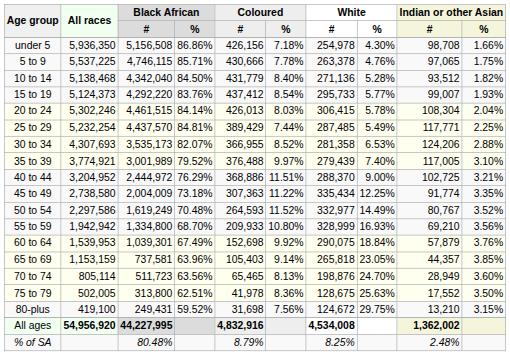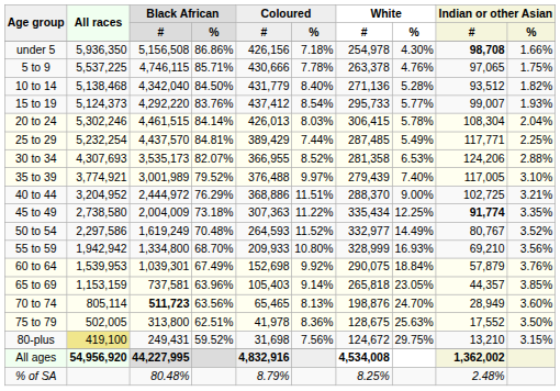 <table class="wikitable" style="text-align:right">
 <tr style="text-align:center;">
 <th rowspan=2 style="background:#f0f0f0;">Age group</th>
 <th rowspan=2 style="background:honeydew;">All races</th>
 <th colspan=2 style="background:gainsboro;">Black African</th>
 <th colspan=2 style="background:#eee;">Coloured</th>
 <th colspan=2 style="background:white;">White</th>
 <th colspan=2 style="background:beige;">Indian or other Asian</th>
 </tr>
 <tr>
 <th style="background:gainsboro;">#</th>
 <th style="background:gainsboro;">%</th>
 <th style="background:#eee;">#</th>
 <th style="background:#eee;">%</th>
 <th style="background:white;">#</th>
 <th style="background:white;">%</th>
 <th style="background:beige;">#</th>
 <th style="background:beige;">%</th>
 </tr>
 <tr>
 </tr>
 <tr>
 <td style="text-align:center">under 5</td>
 <td>5,936,350</td>
 <td>5,156,508</td>
 <td>86.86%</td>
 <td>426,156</td>
 <td>7.18%</td>
 <td>254,978</td>
 <td>4.30%</td>
-<td>98,708</td>
+<td><strong>98,708</strong></td>
 <td>1.66%</td>
 </tr>
 <tr>
 <td style="text-align:center">5 to 9</td>
 <td>5,537,225</td>
 <td>4,746,115</td>
 <td>85.71%</td>
 <td>430,666</td>
 <td>7.78%</td>
 <td>263,378</td>
 <td>4.76%</td>
 <td>97,065</td>
 <td>1.75%</td>
 </tr>
 <tr>
 <td style="text-align:center">10 to 14</td>
 <td>5,138,468</td>
 <td>4,342,040</td>
 <td>84.50%</td>
 <td>431,779</td>
 <td>8.40%</td>
 <td>271,136</td>
 <td>5.28%</td>
 <td>93,512</td>
 <td>1.82%</td>
 </tr>
 <tr>
 <td style="text-align:center">15 to 19</td>
 <td>5,124,373</td>
 <td>4,292,220</td>
 <td>83.76%</td>
 <td>437,412</td>
 <td>8.54%</td>
 <td>295,733</td>
 <td>5.77%</td>
 <td>99,007</td>
 <td>1.93%</td>
 </tr>
 <tr style="background:ivory">
 <td style="text-align:center">20 to 24</td>
 <td>5,302,246</td>
 <td>4,461,515</td>
 <td>84.14%</td>
 <td>426,013</td>
 <td>8.03%</td>
 <td>306,415</td>
 <td>5.78%</td>
 <td>108,304</td>
 <td>2.04%</td>
 </tr>
 <tr style="background:ivory">
 <td style="text-align:center">25 to 29</td>
 <td>5,232,254</td>
 <td>4,437,570</td>
 <td>84.81%</td>
 <td>389,429</td>
 <td>7.44%</td>
 <td>287,485</td>
 <td>5.49%</td>
 <td>117,771</td>
 <td>2.25%</td>
 </tr>
 <tr style="background:ivory">
 <td style="text-align:center">30 to 34</td>
 <td>4,307,693</td>
 <td>3,535,173</td>
 <td>82.07%</td>
 <td>366,955</td>
 <td>8.52%</td>
 <td>281,358</td>
 <td>6.53%</td>
 <td>124,206</td>
 <td>2.88%</td>
 </tr>
 <tr style="background:ivory">
 <td style="text-align:center">35 to 39</td>
 <td>3,774,921</td>
 <td>3,001,989</td>
 <td>79.52%</td>
 <td>376,488</td>
 <td>9.97%</td>
 <td>279,439</td>
 <td>7.40%</td>
 <td>117,005</td>
 <td>3.10%</td>
 </tr>
 <tr>
 <td style="text-align:center">40 to 44</td>
 <td>3,204,952</td>
 <td>2,444,972</td>
 <td>76.29%</td>
 <td>368,886</td>
 <td>11.51%</td>
 <td>288,370</td>
 <td>9.00%</td>
 <td>102,725</td>
 <td>3.21%</td>
 </tr>
 <tr>
 <td style="text-align:center">45 to 49</td>
 <td>2,738,580</td>
 <td>2,004,009</td>
 <td>73.18%</td>
 <td>307,363</td>
 <td>11.22%</td>
 <td>335,434</td>
 <td>12.25%</td>
-<td>91,774</td>
+<td><strong>91,774</strong></td>
 <td>3.35%</td>
 </tr>
 <tr>
 <td style="text-align:center">50 to 54</td>
 <td>2,297,586</td>
 <td>1,619,249</td>
 <td>70.48%</td>
 <td>264,593</td>
 <td>11.52%</td>
 <td>332,977</td>
 <td>14.49%</td>
 <td>80,767</td>
 <td>3.52%</td>
 </tr>
 <tr>
 <td style="text-align:center">55 to 59</td>
 <td>1,942,942</td>
 <td>1,334,800</td>
 <td>68.70%</td>
 <td>209,933</td>
 <td>10.80%</td>
 <td>328,999</td>
 <td>16.93%</td>
 <td>69,210</td>
 <td>3.56%</td>
 </tr>
 <tr style="background:ivory">
 <td style="text-align:center">60 to 64</td>
 <td>1,539,953</td>
 <td>1,039,301</td>
 <td>67.49%</td>
 <td>152,698</td>
 <td>9.92%</td>
 <td>290,075</td>
 <td>18.84%</td>
 <td>57,879</td>
 <td>3.76%</td>
 </tr>
 <tr style="background:ivory">
 <td style="text-align:center">65 to 69</td>
 <td>1,153,159</td>
 <td>737,581</td>
 <td>63.96%</td>
 <td>105,403</td>
 <td>9.14%</td>
 <td>265,818</td>
 <td>23.05%</td>
 <td>44,357</td>
 <td>3.85%</td>
 </tr>
 <tr style="background:ivory">
 <td style="text-align:center">70 to 74</td>
 <td>805,114</td>
-<td>511,723</td>
+<td><strong>511,723</strong></td>
 <td>63.56%</td>
 <td>65,465</td>
 <td>8.13%</td>
 <td>198,876</td>
 <td>24.70%</td>
 <td>28,949</td>
 <td>3.60%</td>
 </tr>
 <tr style="background:ivory">
 <td style="text-align:center">75 to 79</td>
 <td>502,005</td>
 <td>313,800</td>
 <td>62.51%</td>
 <td>41,978</td>
 <td>8.36%</td>
 <td>128,675</td>
 <td>25.63%</td>
 <td>17,552</td>
 <td>3.50%</td>
 </tr>
 <tr>
 <td style="text-align:center">80-plus</td>
-<td>419,100</td>
+<td style="background: khaki;">419,100</td>
 <td>249,431</td>
 <td>59.52%</td>
 <td>31,698</td>
 <td>7.56%</td>
 <td>124,672</td>
 <td>29.75%</td>
 <td>13,210</td>
 <td>3.15%</td>
 </tr>
 <tr>
 </tr>
 <tr style="background:honeydew">
 <td style="text-align:center">All ages</td>
 <td><strong>54,956,920</strong></td>
 <td style="background:gainsboro;"><strong>44,227,995</strong></td>
 <td style="background:gainsboro;"></td>
 <td style="background:#eee;"><strong>4,832,916</strong></td>
 <td style="background:#eee;"></td>
 <td style="background:white;"><strong>4,534,008</strong></td>
 <td style="background:white;"></td>
 <td style="background:beige;"><strong>1,362,002</strong></td>
 <td style="background:beige;"></td>
 </tr>
 <tr>
 <td style="text-align:center"><em>% of SA</em></td>
 <td></td>
 <td><em>80.48%</em></td>
 <td></td>
 <td><em>8.79%</em></td>
 <td></td>
 <td><em>8.25%</em></td>
 <td></td>
 <td><em>2.48%</em></td>
 <td></td>
 </tr>
 </table>
